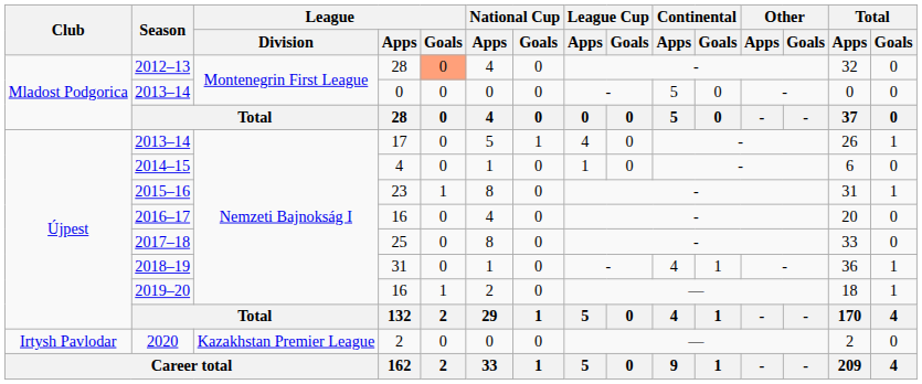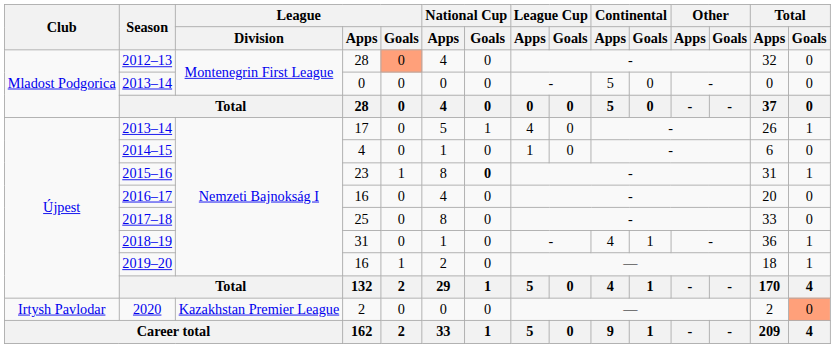 <table class="wikitable" style="text-align: center">
 <tr>
 <th rowspan="2">Club</th>
 <th rowspan="2">Season</th>
 <th colspan="3">League</th>
 <th colspan="2">National Cup</th>
 <th colspan="2">League Cup</th>
 <th colspan="2">Continental</th>
 <th colspan="2">Other</th>
 <th colspan="2">Total</th>
 </tr>
 <tr>
 <th>Division</th>
 <th>Apps</th>
 <th>Goals</th>
 <th>Apps</th>
 <th>Goals</th>
 <th>Apps</th>
 <th>Goals</th>
 <th>Apps</th>
 <th>Goals</th>
 <th>Apps</th>
 <th>Goals</th>
 <th>Apps</th>
 <th>Goals</th>
 </tr>
 <tr>
 <td rowspan="3"><a href='#'>Mladost Podgorica</a></td>
 <td><a href='#'>2012–13</a></td>
 <td rowspan="2"><a href='#'>Montenegrin First League</a></td>
 <td>28</td>
 <td style="background: lightsalmon;">0</td>
 <td>4</td>
 <td>0</td>
 <td colspan="6">-</td>
 <td>32</td>
 <td>0</td>
 </tr>
 <tr>
 <td><a href='#'>2013–14</a></td>
 <td>0</td>
 <td>0</td>
 <td>0</td>
 <td>0</td>
 <td colspan="2">-</td>
 <td>5</td>
 <td>0</td>
 <td colspan="2">-</td>
 <td>0</td>
 <td>0</td>
 </tr>
 <tr>
 <th colspan="2">Total</th>
 <th>28</th>
 <th>0</th>
 <th>4</th>
 <th>0</th>
 <th>0</th>
 <th>0</th>
 <th>5</th>
 <th>0</th>
 <th>-</th>
 <th>-</th>
 <th>37</th>
 <th>0</th>
 </tr>
 <tr>
 <td rowspan="8"><a href='#'>Újpest</a></td>
 <td><a href='#'>2013–14</a></td>
 <td rowspan="7"><a href='#'>Nemzeti Bajnokság I</a></td>
 <td>17</td>
 <td>0</td>
 <td>5</td>
 <td>1</td>
 <td>4</td>
 <td>0</td>
 <td colspan="4">-</td>
 <td>26</td>
 <td>1</td>
 </tr>
 <tr>
 <td><a href='#'>2014–15</a></td>
 <td>4</td>
 <td>0</td>
 <td>1</td>
 <td>0</td>
 <td>1</td>
 <td>0</td>
 <td colspan="4">-</td>
 <td>6</td>
 <td>0</td>
 </tr>
 <tr>
 <td><a href='#'>2015–16</a></td>
 <td>23</td>
 <td>1</td>
 <td>8</td>
-<td>0</td>
+<td><strong>0</strong></td>
 <td colspan="6">-</td>
 <td>31</td>
 <td>1</td>
 </tr>
 <tr>
 <td><a href='#'>2016–17</a></td>
 <td>16</td>
 <td>0</td>
 <td>4</td>
 <td>0</td>
 <td colspan="6">-</td>
 <td>20</td>
 <td>0</td>
 </tr>
 <tr>
 <td><a href='#'>2017–18</a></td>
 <td>25</td>
 <td>0</td>
 <td>8</td>
 <td>0</td>
 <td colspan="6">-</td>
 <td>33</td>
 <td>0</td>
 </tr>
 <tr>
 <td><a href='#'>2018–19</a></td>
 <td>31</td>
 <td>0</td>
 <td>1</td>
 <td>0</td>
 <td colspan="2">-</td>
 <td>4</td>
 <td>1</td>
 <td colspan="2">-</td>
 <td>36</td>
 <td>1</td>
 </tr>
 <tr>
 <td><a href='#'>2019–20</a></td>
 <td>16</td>
 <td>1</td>
 <td>2</td>
 <td>0</td>
 <td colspan="6">—</td>
 <td>18</td>
 <td>1</td>
 </tr>
 <tr>
 <th colspan="2">Total</th>
 <th>132</th>
 <th>2</th>
 <th>29</th>
 <th>1</th>
 <th>5</th>
 <th>0</th>
 <th>4</th>
 <th>1</th>
 <th>-</th>
 <th>-</th>
 <th>170</th>
 <th>4</th>
 </tr>
 <tr>
 <td><a href='#'>Irtysh Pavlodar</a></td>
 <td><a href='#'>2020</a></td>
 <td><a href='#'>Kazakhstan Premier League</a></td>
 <td>2</td>
 <td>0</td>
 <td>0</td>
 <td>0</td>
 <td colspan="6">—</td>
 <td>2</td>
-<td>0</td>
+<td style="background: lightsalmon;">0</td>
 </tr>
 <tr>
 <th colspan="3">Career total</th>
 <th>162</th>
 <th>2</th>
 <th>33</th>
 <th>1</th>
 <th>5</th>
 <th>0</th>
 <th>9</th>
 <th>1</th>
 <th>-</th>
 <th>-</th>
 <th>209</th>
 <th>4</th>
 </tr>
 </table>
